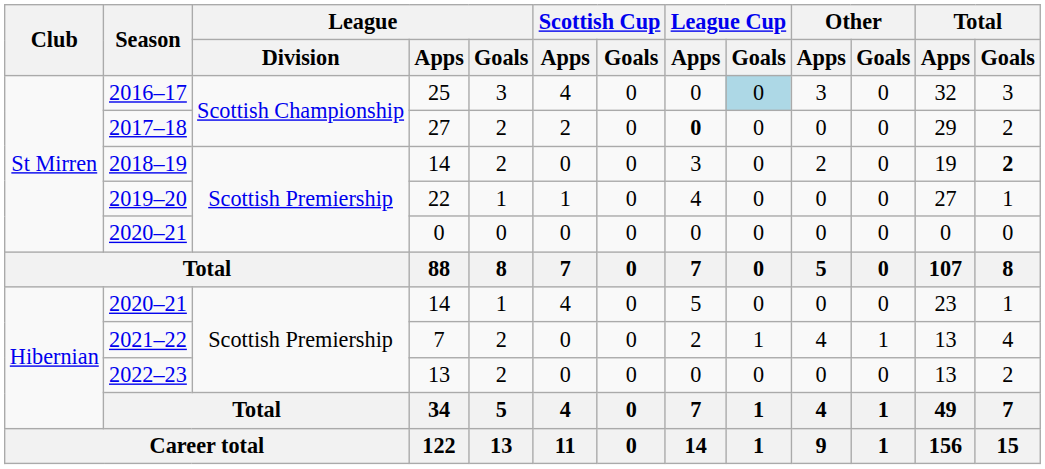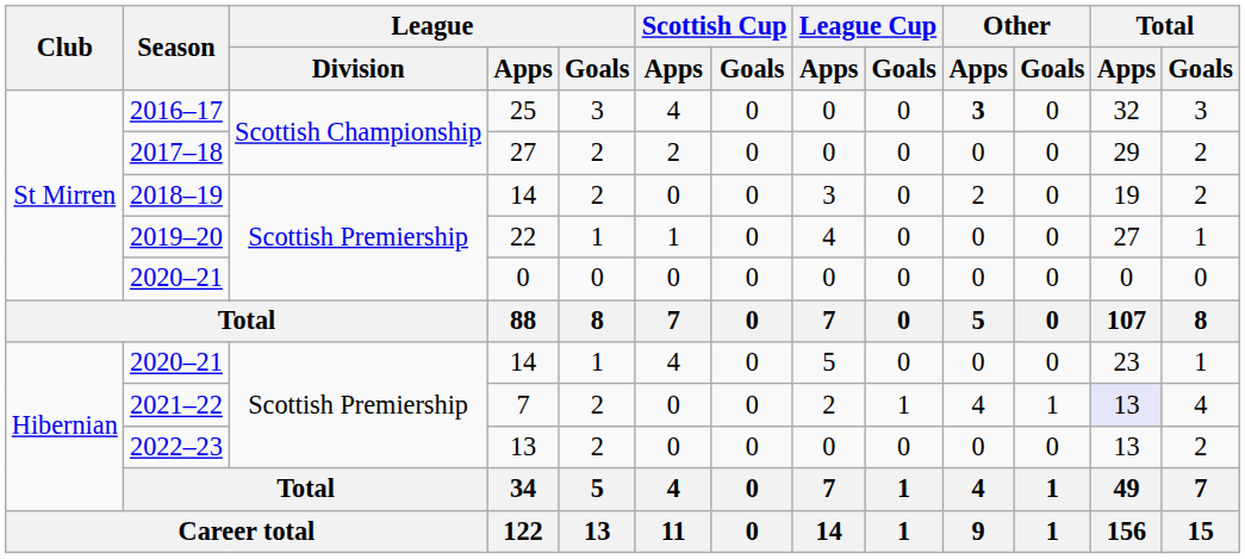 <table class="wikitable" style="text-align:center">
 <tr>
 <th rowspan="2">Club</th>
 <th rowspan="2">Season</th>
 <th colspan="3">League</th>
 <th colspan="2"><a href='#'>Scottish Cup</a></th>
 <th colspan="2"><a href='#'>League Cup</a></th>
 <th colspan="2">Other</th>
 <th colspan="2">Total</th>
 </tr>
 <tr>
 <th>Division</th>
 <th>Apps</th>
 <th>Goals</th>
 <th>Apps</th>
 <th>Goals</th>
 <th>Apps</th>
 <th>Goals</th>
 <th>Apps</th>
 <th>Goals</th>
 <th>Apps</th>
 <th>Goals</th>
 </tr>
 <tr>
 <td rowspan="5"><a href='#'>St Mirren</a></td>
 <td><a href='#'>2016–17</a></td>
 <td rowspan="2"><a href='#'>Scottish Championship</a></td>
 <td>25</td>
 <td>3</td>
 <td>4</td>
 <td>0</td>
 <td>0</td>
-<td style="background: lightblue;">0</td>
-<td>3</td>
+<td>0</td>
+<td><strong>3</strong></td>
 <td>0</td>
 <td>32</td>
 <td>3</td>
 </tr>
 <tr>
 <td><a href='#'>2017–18</a></td>
 <td>27</td>
 <td>2</td>
 <td>2</td>
 <td>0</td>
-<td><strong>0</strong></td>
+<td>0</td>
 <td>0</td>
 <td>0</td>
 <td>0</td>
 <td>29</td>
 <td>2</td>
 </tr>
 <tr>
 <td><a href='#'>2018–19</a></td>
 <td rowspan="3"><a href='#'>Scottish Premiership</a></td>
 <td>14</td>
 <td>2</td>
 <td>0</td>
 <td>0</td>
 <td>3</td>
 <td>0</td>
 <td>2</td>
 <td>0</td>
 <td>19</td>
-<td><strong>2</strong></td>
+<td>2</td>
 </tr>
 <tr>
 <td><a href='#'>2019–20</a></td>
 <td>22</td>
 <td>1</td>
 <td>1</td>
 <td>0</td>
 <td>4</td>
 <td>0</td>
 <td>0</td>
 <td>0</td>
 <td>27</td>
 <td>1</td>
 </tr>
 <tr>
 <td><a href='#'>2020–21</a></td>
 <td>0</td>
 <td>0</td>
 <td>0</td>
 <td>0</td>
 <td>0</td>
 <td>0</td>
 <td>0</td>
 <td>0</td>
 <td>0</td>
 <td>0</td>
 </tr>
 <tr>
 <th colspan=3>Total</th>
 <th>88</th>
 <th>8</th>
 <th>7</th>
 <th>0</th>
 <th>7</th>
 <th>0</th>
 <th>5</th>
 <th>0</th>
 <th>107</th>
 <th>8</th>
 </tr>
 <tr>
 <td rowspan="4"><a href='#'>Hibernian</a></td>
 <td><a href='#'>2020–21</a></td>
 <td rowspan="3">Scottish Premiership</td>
 <td>14</td>
 <td>1</td>
 <td>4</td>
 <td>0</td>
 <td>5</td>
 <td>0</td>
 <td>0</td>
 <td>0</td>
 <td>23</td>
 <td>1</td>
 </tr>
 <tr>
 <td><a href='#'>2021–22</a></td>
 <td>7</td>
 <td>2</td>
 <td>0</td>
 <td>0</td>
 <td>2</td>
 <td>1</td>
 <td>4</td>
 <td>1</td>
-<td>13</td>
+<td style="background: lavender;">13</td>
 <td>4</td>
 </tr>
 <tr>
 <td><a href='#'>2022–23</a></td>
 <td>13</td>
 <td>2</td>
 <td>0</td>
 <td>0</td>
 <td>0</td>
 <td>0</td>
 <td>0</td>
 <td>0</td>
 <td>13</td>
 <td>2</td>
 </tr>
 <tr>
 <th colspan="2">Total</th>
 <th>34</th>
 <th>5</th>
 <th>4</th>
 <th>0</th>
 <th>7</th>
 <th>1</th>
 <th>4</th>
 <th>1</th>
 <th>49</th>
 <th>7</th>
 </tr>
 <tr>
 <th colspan="3">Career total</th>
 <th>122</th>
 <th>13</th>
 <th>11</th>
 <th>0</th>
 <th>14</th>
 <th>1</th>
 <th>9</th>
 <th>1</th>
 <th>156</th>
 <th>15</th>
 </tr>
 </table>
